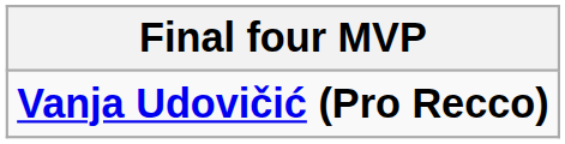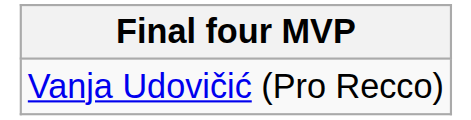 <table class=wikitable style="text-align:left; margin:auto">
 <tr>
 <th>Final four MVP</th>
 </tr>
 <tr>
-<td><strong> <a href='#'>Vanja Udovičić</a>  (Pro Recco)</strong></td>
+<td> <a href='#'>Vanja Udovičić</a>  (Pro Recco)</td>
 </tr>
 </table>
